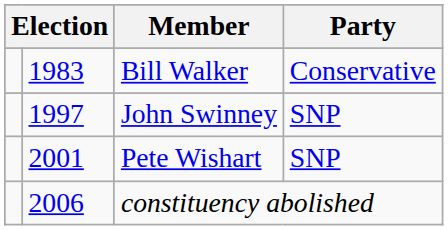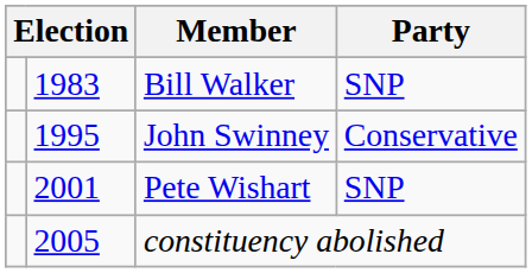 <table class="wikitable">
 <tr>
 <th colspan="2">Election</th>
 <th>Member</th>
 <th>Party</th>
 </tr>
 <tr>
 <td style="color:inherit;background-color: "></td>
 <td><a href='#'>1983</a></td>
 <td><a href='#'>Bill Walker</a></td>
-<td><a href='#'>Conservative</a></td>
+<td><a href='#'>SNP</a></td>
 </tr>
 <tr>
 <td style="color:inherit;background-color: "></td>
-<td><a href='#'>1997</a></td>
+<td><a href='#'>1995</a></td>
 <td><a href='#'>John Swinney</a></td>
-<td><a href='#'>SNP</a></td>
+<td><a href='#'>Conservative</a></td>
 </tr>
 <tr>
 <td style="color:inherit;background-color: "></td>
 <td><a href='#'>2001</a></td>
 <td><a href='#'>Pete Wishart</a></td>
 <td><a href='#'>SNP</a></td>
 </tr>
 <tr>
 <td></td>
-<td><a href='#'>2006</a></td>
+<td><a href='#'>2005</a></td>
 <td colspan="2"><em>constituency abolished</em></td>
 </tr>
 </table>
